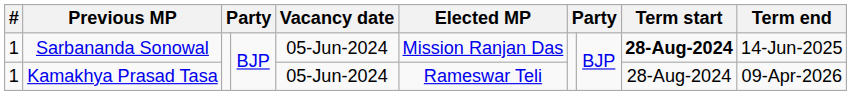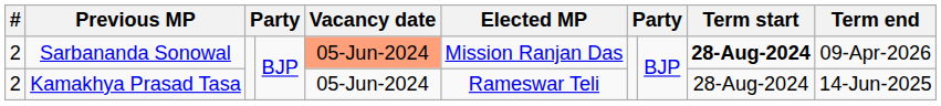 <table class="wikitable" style="text-align:center;">
 <tr>
 <th>#</th>
 <th>Previous MP</th>
 <th colspan="2">Party</th>
 <th>Vacancy date</th>
 <th>Elected MP</th>
 <th colspan="2">Party</th>
 <th>Term start</th>
 <th>Term end</th>
 </tr>
 <tr>
-<td>1</td>
+<td>2</td>
 <td><a href='#'>Sarbananda Sonowal</a></td>
 <td rowspan=2 style="background-color:"></td>
 <td rowspan="2"><a href='#'>BJP</a></td>
-<td>05-Jun-2024</td>
+<td style="background: lightsalmon;">05-Jun-2024</td>
 <td><a href='#'>Mission Ranjan Das</a></td>
 <td rowspan=2 style="background-color:"></td>
 <td rowspan="2"><a href='#'>BJP</a></td>
 <td><strong>28-Aug-2024</strong></td>
-<td>14-Jun-2025</td>
+<td>09-Apr-2026</td>
 </tr>
 <tr>
-<td>1</td>
+<td>2</td>
 <td><a href='#'>Kamakhya Prasad Tasa</a></td>
 <td>05-Jun-2024</td>
 <td><a href='#'>Rameswar Teli</a></td>
 <td>28-Aug-2024</td>
-<td>09-Apr-2026</td>
+<td>14-Jun-2025</td>
 </tr>
 </table>
